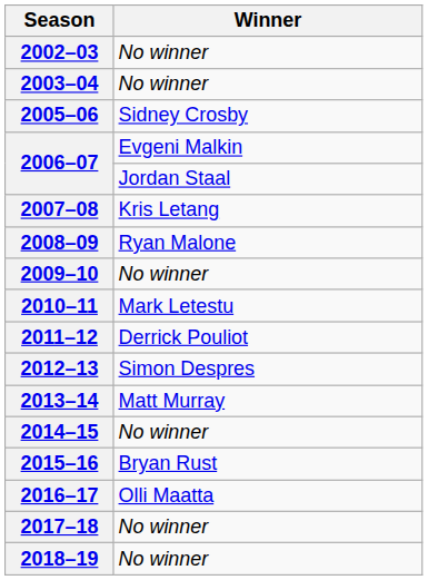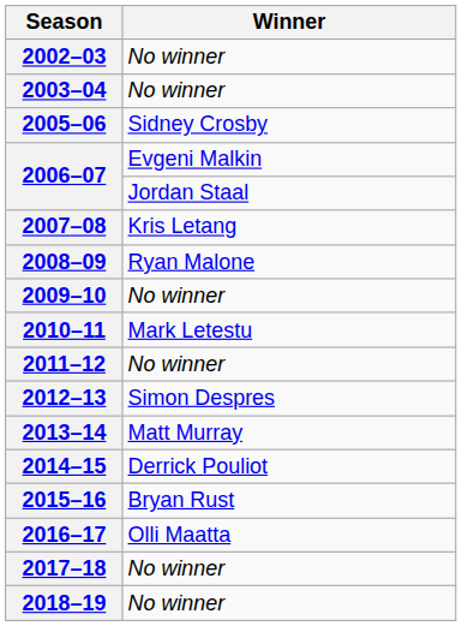 <table class="wikitable">
 <tr>
 <th scope="col" style="width:5em">Season</th>
 <th scope="col" style="width:15em">Winner</th>
 </tr>
 <tr>
 <th scope="row"><a href='#'>2002–03</a></th>
 <td><em>No winner</em></td>
 </tr>
 <tr>
 <th scope="row"><a href='#'>2003–04</a></th>
 <td><em>No winner</em></td>
 </tr>
 <tr>
 <th scope="row"><a href='#'>2005–06</a></th>
 <td><a href='#'>Sidney Crosby</a></td>
 </tr>
 <tr>
 <th scope="row" rowspan="2"><a href='#'>2006–07</a></th>
 <td><a href='#'>Evgeni Malkin</a></td>
 </tr>
 <tr>
 <td><a href='#'>Jordan Staal</a></td>
 </tr>
 <tr>
 <th scope="row"><a href='#'>2007–08</a></th>
 <td><a href='#'>Kris Letang</a></td>
 </tr>
 <tr>
 <th scope="row"><a href='#'>2008–09</a></th>
 <td><a href='#'>Ryan Malone</a></td>
 </tr>
 <tr>
 <th scope="row"><a href='#'>2009–10</a></th>
 <td><em>No winner</em></td>
 </tr>
 <tr>
 <th scope="row"><a href='#'>2010–11</a></th>
 <td><a href='#'>Mark Letestu</a></td>
 </tr>
 <tr>
 <th scope="row"><a href='#'>2011–12</a></th>
-<td><a href='#'>Derrick Pouliot</a></td>
+<td><em>No winner</em></td>
 </tr>
 <tr>
 <th scope="row"><a href='#'>2012–13</a></th>
 <td><a href='#'>Simon Despres</a></td>
 </tr>
 <tr>
 <th scope="row"><a href='#'>2013–14</a></th>
 <td><a href='#'>Matt Murray</a></td>
 </tr>
 <tr>
 <th scope="row"><a href='#'>2014–15</a></th>
-<td><em>No winner</em></td>
+<td><a href='#'>Derrick Pouliot</a></td>
 </tr>
 <tr>
 <th scope="row"><a href='#'>2015–16</a></th>
 <td><a href='#'>Bryan Rust</a></td>
 </tr>
 <tr>
 <th scope="row"><a href='#'>2016–17</a></th>
 <td><a href='#'>Olli Maatta</a></td>
 </tr>
 <tr>
 <th scope="row"><a href='#'>2017–18</a></th>
 <td><em>No winner</em></td>
 </tr>
 <tr>
 <th scope="row"><a href='#'>2018–19</a></th>
 <td><em>No winner</em></td>
 </tr>
 </table>
